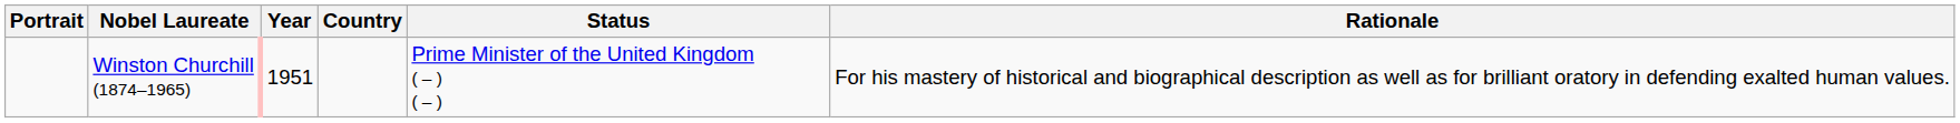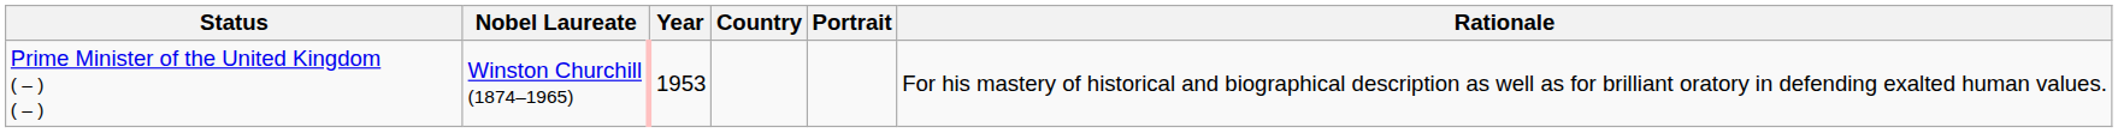 <table class="wikitable sortable sticky-header defaultleft col1center col2center static-row-numbers static-row-header-hash static-row-header-center">
 <tr>
-<th class="unsortable" style="align:center;">Portrait</th>
+<th style="width:20em;">Status</th>
 <th>Nobel Laureate</th>
 <th>Year<br></th>
 <th>Country</th>
-<th style="width:20em;">Status</th>
+<th class="unsortable" style="align:center;">Portrait</th>
 <th class="unsortable">Rationale</th>
 </tr>
 <tr>
+<td data-sort-value="President United States 26"><a href='#'>Prime Minister of the United Kingdom</a><br><small>( – )</small><small><br>( – )</small></td>
+<td><a href='#'>Winston Churchill</a><br><small>(1874–1965)</small></td>
+<td style="border-left: 4px solid #FFC1C1;">1953</td>
 <td></td>
-<td><a href='#'>Winston Churchill</a><br><small>(1874–1965)</small></td>
-<td style="border-left: 4px solid #FFC1C1;">1951</td>
 <td></td>
-<td data-sort-value="President United States 26"><a href='#'>Prime Minister of the United Kingdom</a><br><small>( – )</small><small><br>( – )</small></td>
 <td>For his mastery of historical and biographical description as well as for brilliant oratory in defending exalted human values. </td>
 </tr>
 </table>
